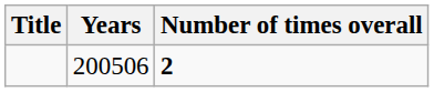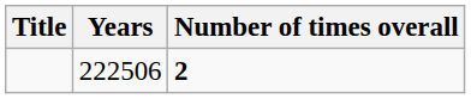 <table class="wikitable">
 <tr>
 <th>Title</th>
 <th>Years</th>
 <th>Number of times overall</th>
 </tr>
 <tr>
 <td></td>
-<td>200506</td>
+<td>222506</td>
 <td><strong>2</strong></td>
 </tr>
 </table>
